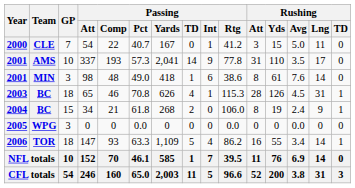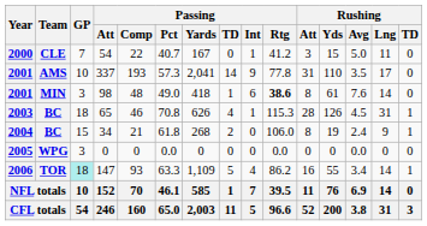 <table class="wikitable" style="text-align: center;">
 <tr>
 <th rowspan="2">Year</th>
 <th rowspan="2">Team</th>
 <th rowspan="2">GP</th>
 <th colspan="7">Passing</th>
 <th colspan="5">Rushing</th>
 </tr>
 <tr>
 <th>Att</th>
 <th>Comp</th>
 <th>Pct</th>
 <th>Yards</th>
 <th>TD</th>
 <th>Int</th>
 <th>Rtg</th>
 <th>Att</th>
 <th>Yds</th>
 <th>Avg</th>
 <th>Lng</th>
 <th>TD</th>
 </tr>
 <tr>
 <th><a href='#'>2000</a></th>
 <th><a href='#'>CLE</a></th>
 <td>7</td>
 <td>54</td>
 <td>22</td>
 <td>40.7</td>
 <td>167</td>
 <td>0</td>
 <td>1</td>
 <td>41.2</td>
 <td>3</td>
 <td>15</td>
 <td>5.0</td>
 <td>11</td>
 <td>0</td>
 </tr>
 <tr>
 <th><a href='#'>2001</a></th>
 <th><a href='#'>AMS</a></th>
 <td>10</td>
 <td>337</td>
 <td>193</td>
 <td>57.3</td>
 <td>2,041</td>
 <td>14</td>
 <td>9</td>
 <td>77.8</td>
 <td>31</td>
 <td>110</td>
 <td>3.5</td>
 <td>17</td>
 <td>0</td>
 </tr>
 <tr>
 <th><a href='#'>2001</a></th>
 <th><a href='#'>MIN</a></th>
 <td>3</td>
 <td>98</td>
 <td>48</td>
 <td>49.0</td>
 <td>418</td>
 <td>1</td>
 <td>6</td>
-<td>38.6</td>
+<td><strong>38.6</strong></td>
 <td>8</td>
 <td>61</td>
 <td>7.6</td>
 <td>14</td>
 <td>0</td>
 </tr>
 <tr>
 <th><a href='#'>2003</a></th>
 <th><a href='#'>BC</a></th>
 <td>18</td>
 <td>65</td>
 <td>46</td>
 <td>70.8</td>
 <td>626</td>
 <td>4</td>
 <td>1</td>
 <td>115.3</td>
 <td>28</td>
 <td>126</td>
 <td>4.5</td>
 <td>31</td>
 <td>1</td>
 </tr>
 <tr>
 <th><a href='#'>2004</a></th>
 <th><a href='#'>BC</a></th>
 <td>15</td>
 <td>34</td>
 <td>21</td>
 <td>61.8</td>
 <td>268</td>
 <td>2</td>
 <td>0</td>
 <td>106.0</td>
 <td>8</td>
 <td>19</td>
 <td>2.4</td>
 <td>9</td>
 <td>1</td>
 </tr>
 <tr>
 <th><a href='#'>2005</a></th>
 <th><a href='#'>WPG</a></th>
 <td>3</td>
 <td>0</td>
 <td>0</td>
 <td>0.0</td>
 <td>0</td>
 <td>0</td>
 <td>0</td>
 <td>0.0</td>
 <td>0</td>
 <td>0</td>
 <td>0.0</td>
 <td>0</td>
 <td>0</td>
 </tr>
 <tr>
 <th><a href='#'>2006</a></th>
 <th><a href='#'>TOR</a></th>
-<td>18</td>
+<td style="background: paleturquoise;">18</td>
 <td>147</td>
 <td>93</td>
 <td>63.3</td>
 <td>1,109</td>
 <td>5</td>
 <td>4</td>
 <td>86.2</td>
 <td>16</td>
 <td>55</td>
 <td>3.4</td>
 <td>14</td>
 <td>1</td>
 </tr>
 <tr>
 <th colspan="2"><a href='#'>NFL</a> totals</th>
 <th>10</th>
 <th>152</th>
 <th>70</th>
 <th>46.1</th>
 <th>585</th>
 <th>1</th>
 <th>7</th>
 <th>39.5</th>
 <th>11</th>
 <th>76</th>
 <th>6.9</th>
 <th>14</th>
 <th>0</th>
 </tr>
 <tr>
 <th colspan="2"><a href='#'>CFL</a> totals</th>
 <th>54</th>
 <th>246</th>
 <th>160</th>
 <th>65.0</th>
 <th>2,003</th>
 <th>11</th>
 <th>5</th>
 <th>96.6</th>
 <th>52</th>
 <th>200</th>
 <th>3.8</th>
 <th>31</th>
 <th>3</th>
 </tr>
 </table>
